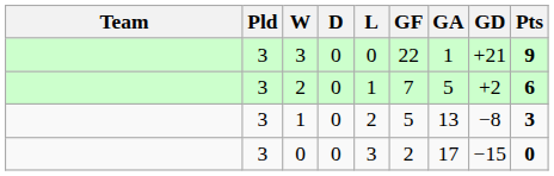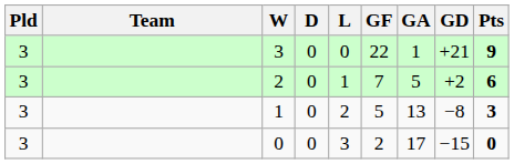 <table class="wikitable" style="text-align:center;">
 <tr>
+<th width=20 abbr="Played">Pld</th>
 <th width=175>Team</th>
-<th width=20 abbr="Played">Pld</th>
 <th width=20 abbr="Won">W</th>
 <th width=20 abbr="Drawn">D</th>
 <th width=20 abbr="Lost">L</th>
 <th width=20 abbr="Goals for">GF</th>
 <th width=20 abbr="Goals against">GA</th>
 <th width=20 abbr="Goal difference">GD</th>
 <th width=20 abbr="Points">Pts</th>
 </tr>
 <tr bgcolor=ccffcc>
+<td>3</td>
 <td align=left></td>
-<td>3</td>
 <td>3</td>
 <td>0</td>
 <td>0</td>
 <td>22</td>
 <td>1</td>
 <td>+21</td>
 <td><strong>9</strong></td>
 </tr>
 <tr bgcolor=ccffcc>
+<td>3</td>
 <td align=left></td>
-<td>3</td>
 <td>2</td>
 <td>0</td>
 <td>1</td>
 <td>7</td>
 <td>5</td>
 <td>+2</td>
 <td><strong>6</strong></td>
 </tr>
 <tr bgcolor=>
+<td>3</td>
 <td align=left></td>
-<td>3</td>
 <td>1</td>
 <td>0</td>
 <td>2</td>
 <td>5</td>
 <td>13</td>
 <td>−8</td>
 <td><strong>3</strong></td>
 </tr>
 <tr bgcolor=>
+<td>3</td>
 <td align=left></td>
-<td>3</td>
 <td>0</td>
 <td>0</td>
 <td>3</td>
 <td>2</td>
 <td>17</td>
 <td>−15</td>
 <td><strong>0</strong></td>
 </tr>
 </table>
